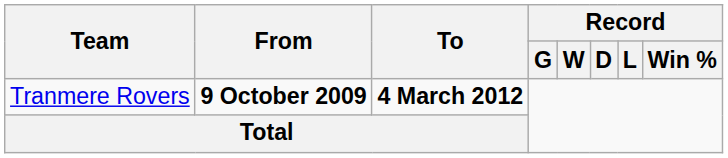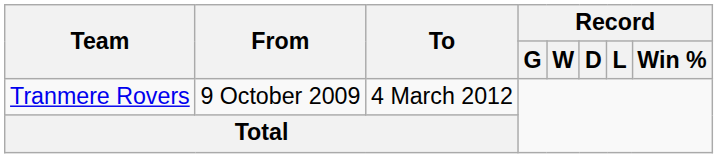 <table class="wikitable" style="text-align: center">
 <tr>
 <th rowspan="2">Team</th>
 <th rowspan="2">From</th>
 <th rowspan="2">To</th>
 <th colspan="5">Record</th>
 </tr>
 <tr>
 <th>G</th>
 <th>W</th>
 <th>D</th>
 <th>L</th>
 <th>Win %</th>
 </tr>
 <tr>
 <td align=left><a href='#'>Tranmere Rovers</a></td>
-<td align=left><strong>9 October 2009</strong></td>
-<td align=left><strong>4 March 2012<br></strong></td>
+<td align=left>9 October 2009</td>
+<td align=left>4 March 2012<br></td>
 </tr>
 <tr>
 <th colspan=3>Total<br></th>
 </tr>
 </table>
